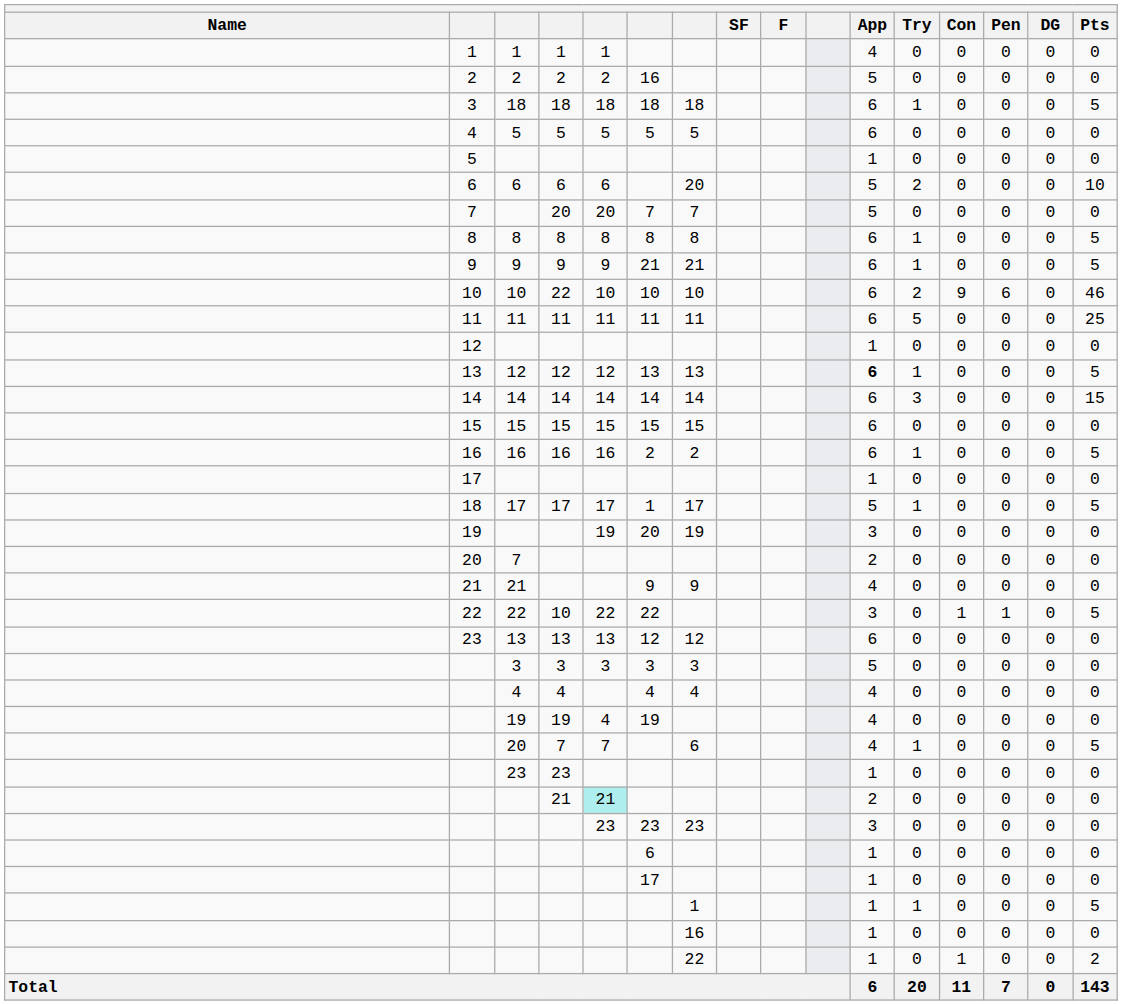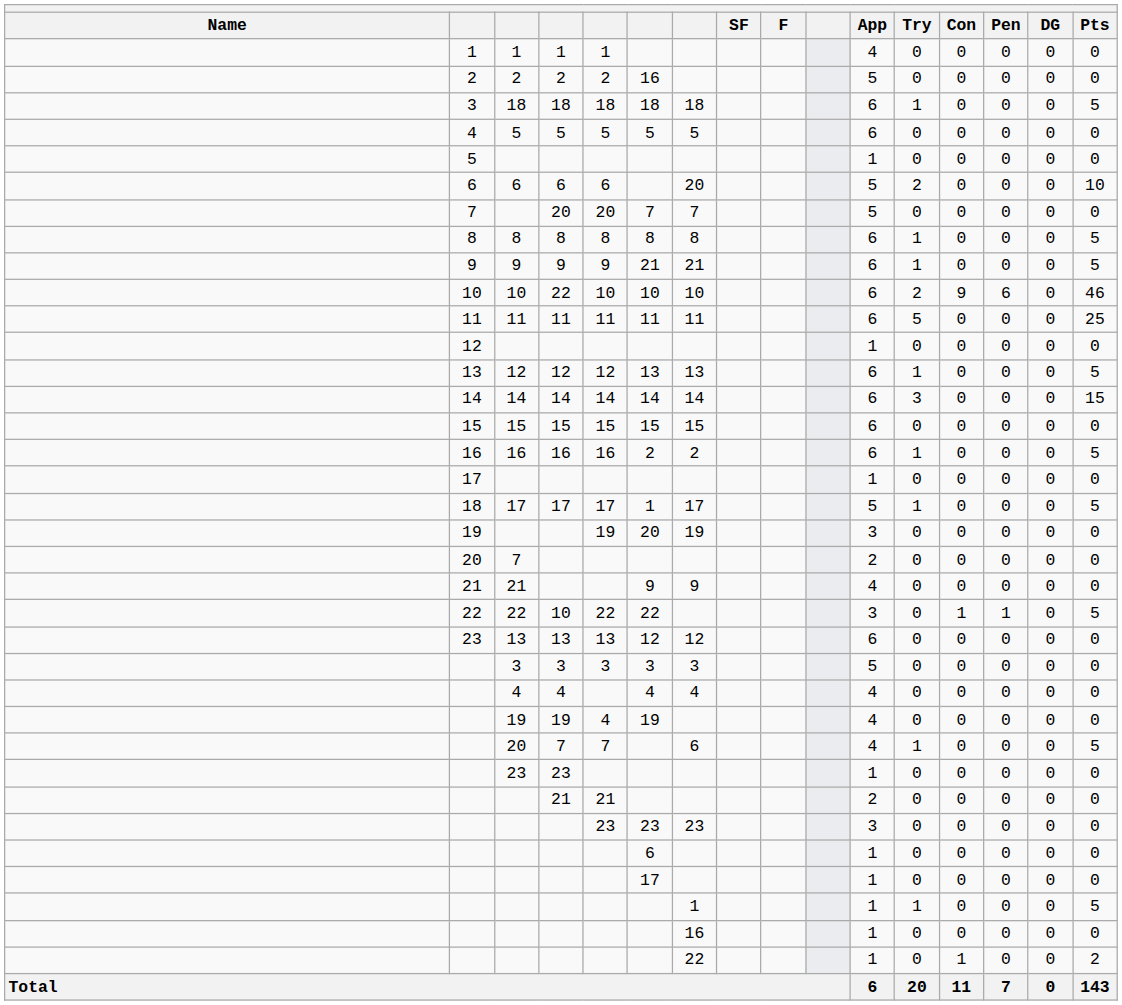 <table class="wikitable collapsible collapsed" style="text-align:center; font-size:100%; width:100%">
 <tr>
 <th colspan="100%"></th>
 </tr>
 <tr>
 <th style="width:40%;">Name</th>
 <th style="width:4%;"></th>
 <th style="width:4%;"></th>
 <th style="width:4%;"></th>
 <th style="width:4%;"></th>
 <th style="width:4%;"></th>
 <th style="width:4%;"></th>
 <th style="width:4%;">SF</th>
 <th style="width:4%;">F</th>
 <th style="width:4%;"></th>
 <th style="width:4%;">App</th>
 <th style="width:4%;">Try</th>
 <th style="width:4%;">Con</th>
 <th style="width:4%;">Pen</th>
 <th style="width:4%;">DG</th>
 <th style="width:4%;">Pts</th>
 </tr>
 <tr>
 <td style="text-align:left;"></td>
 <td>1</td>
 <td>1</td>
 <td>1</td>
 <td>1</td>
 <td></td>
 <td></td>
 <td></td>
 <td></td>
 <td style="background:#EBECF0;"></td>
 <td>4</td>
 <td>0</td>
 <td>0</td>
 <td>0</td>
 <td>0</td>
 <td>0</td>
 </tr>
 <tr>
 <td style="text-align:left;"></td>
 <td>2</td>
 <td>2</td>
 <td>2</td>
 <td>2</td>
 <td>16 </td>
 <td></td>
 <td></td>
 <td></td>
 <td style="background:#EBECF0;"></td>
 <td>5</td>
 <td>0</td>
 <td>0</td>
 <td>0</td>
 <td>0</td>
 <td>0</td>
 </tr>
 <tr>
 <td style="text-align:left;"></td>
 <td>3</td>
 <td>18 </td>
 <td>18 </td>
 <td>18 </td>
 <td>18 </td>
 <td>18 </td>
 <td></td>
 <td></td>
 <td style="background:#EBECF0;"></td>
 <td>6</td>
 <td>1</td>
 <td>0</td>
 <td>0</td>
 <td>0</td>
 <td>5</td>
 </tr>
 <tr>
 <td style="text-align:left;"></td>
 <td>4</td>
 <td>5</td>
 <td>5</td>
 <td>5</td>
 <td>5</td>
 <td>5</td>
 <td></td>
 <td></td>
 <td style="background:#EBECF0;"></td>
 <td>6</td>
 <td>0</td>
 <td>0</td>
 <td>0</td>
 <td>0</td>
 <td>0</td>
 </tr>
 <tr>
 <td style="text-align:left;"></td>
 <td>5</td>
 <td></td>
 <td></td>
 <td></td>
 <td></td>
 <td></td>
 <td></td>
 <td></td>
 <td style="background:#EBECF0;"></td>
 <td>1</td>
 <td>0</td>
 <td>0</td>
 <td>0</td>
 <td>0</td>
 <td>0</td>
 </tr>
 <tr>
 <td style="text-align:left;"></td>
 <td>6</td>
 <td>6</td>
 <td>6</td>
 <td>6</td>
 <td></td>
 <td>20 </td>
 <td></td>
 <td></td>
 <td style="background:#EBECF0;"></td>
 <td>5</td>
 <td>2</td>
 <td>0</td>
 <td>0</td>
 <td>0</td>
 <td>10</td>
 </tr>
 <tr>
 <td style="text-align:left;"></td>
 <td>7</td>
 <td></td>
 <td>20 </td>
 <td>20 </td>
 <td>7</td>
 <td>7</td>
 <td></td>
 <td></td>
 <td style="background:#EBECF0;"></td>
 <td>5</td>
 <td>0</td>
 <td>0</td>
 <td>0</td>
 <td>0</td>
 <td>0</td>
 </tr>
 <tr>
 <td style="text-align:left;"></td>
 <td>8</td>
 <td>8</td>
 <td>8</td>
 <td>8</td>
 <td>8</td>
 <td>8</td>
 <td></td>
 <td></td>
 <td style="background:#EBECF0;"></td>
 <td>6</td>
 <td>1</td>
 <td>0</td>
 <td>0</td>
 <td>0</td>
 <td>5</td>
 </tr>
 <tr>
 <td style="text-align:left;"></td>
 <td>9</td>
 <td>9</td>
 <td>9</td>
 <td>9</td>
 <td>21 </td>
 <td>21 </td>
 <td></td>
 <td></td>
 <td style="background:#EBECF0;"></td>
 <td>6</td>
 <td>1</td>
 <td>0</td>
 <td>0</td>
 <td>0</td>
 <td>5</td>
 </tr>
 <tr>
 <td style="text-align:left;"></td>
 <td>10</td>
 <td>10</td>
 <td>22 </td>
 <td>10</td>
 <td>10</td>
 <td>10</td>
 <td></td>
 <td></td>
 <td style="background:#EBECF0;"></td>
 <td>6</td>
 <td>2</td>
 <td>9</td>
 <td>6</td>
 <td>0</td>
 <td>46</td>
 </tr>
 <tr>
 <td style="text-align:left;"></td>
 <td>11</td>
 <td>11</td>
 <td>11</td>
 <td>11</td>
 <td>11</td>
 <td>11</td>
 <td></td>
 <td></td>
 <td style="background:#EBECF0;"></td>
 <td>6</td>
 <td>5</td>
 <td>0</td>
 <td>0</td>
 <td>0</td>
 <td>25</td>
 </tr>
 <tr>
 <td style="text-align:left;"></td>
 <td>12</td>
 <td></td>
 <td></td>
 <td></td>
 <td></td>
 <td></td>
 <td></td>
 <td></td>
 <td style="background:#EBECF0;"></td>
 <td>1</td>
 <td>0</td>
 <td>0</td>
 <td>0</td>
 <td>0</td>
 <td>0</td>
 </tr>
 <tr>
 <td style="text-align:left;"></td>
 <td>13</td>
 <td>12</td>
 <td>12</td>
 <td>12</td>
 <td>13</td>
 <td>13</td>
 <td></td>
 <td></td>
 <td style="background:#EBECF0;"></td>
-<td><strong>6</strong></td>
+<td>6</td>
 <td>1</td>
 <td>0</td>
 <td>0</td>
 <td>0</td>
 <td>5</td>
 </tr>
 <tr>
 <td style="text-align:left;"></td>
 <td>14</td>
 <td>14</td>
 <td>14</td>
 <td>14</td>
 <td>14</td>
 <td>14</td>
 <td></td>
 <td></td>
 <td style="background:#EBECF0;"></td>
 <td>6</td>
 <td>3</td>
 <td>0</td>
 <td>0</td>
 <td>0</td>
 <td>15</td>
 </tr>
 <tr>
 <td style="text-align:left;"></td>
 <td>15</td>
 <td>15</td>
 <td>15</td>
 <td>15</td>
 <td>15</td>
 <td>15</td>
 <td></td>
 <td></td>
 <td style="background:#EBECF0;"></td>
 <td>6</td>
 <td>0</td>
 <td>0</td>
 <td>0</td>
 <td>0</td>
 <td>0</td>
 </tr>
 <tr>
 <td style="text-align:left;"></td>
 <td>16 </td>
 <td>16 </td>
 <td>16 </td>
 <td>16 </td>
 <td>2</td>
 <td>2</td>
 <td></td>
 <td></td>
 <td style="background:#EBECF0;"></td>
 <td>6</td>
 <td>1</td>
 <td>0</td>
 <td>0</td>
 <td>0</td>
 <td>5</td>
 </tr>
 <tr>
 <td style="text-align:left;"></td>
 <td>17 </td>
 <td></td>
 <td></td>
 <td></td>
 <td></td>
 <td></td>
 <td></td>
 <td></td>
 <td style="background:#EBECF0;"></td>
 <td>1</td>
 <td>0</td>
 <td>0</td>
 <td>0</td>
 <td>0</td>
 <td>0</td>
 </tr>
 <tr>
 <td style="text-align:left;"></td>
 <td>18 </td>
 <td>17 </td>
 <td>17</td>
 <td>17 </td>
 <td>1</td>
 <td>17 </td>
 <td></td>
 <td></td>
 <td style="background:#EBECF0;"></td>
 <td>5</td>
 <td>1</td>
 <td>0</td>
 <td>0</td>
 <td>0</td>
 <td>5</td>
 </tr>
 <tr>
 <td style="text-align:left;"></td>
 <td>19 </td>
 <td></td>
 <td></td>
 <td>19 </td>
 <td>20</td>
 <td>19 </td>
 <td></td>
 <td></td>
 <td style="background:#EBECF0;"></td>
 <td>3</td>
 <td>0</td>
 <td>0</td>
 <td>0</td>
 <td>0</td>
 <td>0</td>
 </tr>
 <tr>
 <td style="text-align:left;"></td>
 <td>20 </td>
 <td>7</td>
 <td></td>
 <td></td>
 <td></td>
 <td></td>
 <td></td>
 <td></td>
 <td style="background:#EBECF0;"></td>
 <td>2</td>
 <td>0</td>
 <td>0</td>
 <td>0</td>
 <td>0</td>
 <td>0</td>
 </tr>
 <tr>
 <td style="text-align:left;"></td>
 <td>21 </td>
 <td>21 </td>
 <td></td>
 <td></td>
 <td>9</td>
 <td>9</td>
 <td></td>
 <td></td>
 <td style="background:#EBECF0;"></td>
 <td>4</td>
 <td>0</td>
 <td>0</td>
 <td>0</td>
 <td>0</td>
 <td>0</td>
 </tr>
 <tr>
 <td style="text-align:left;"></td>
 <td>22 </td>
 <td>22 </td>
 <td>10</td>
 <td>22</td>
 <td>22</td>
 <td></td>
 <td></td>
 <td></td>
 <td style="background:#EBECF0;"></td>
 <td>3</td>
 <td>0</td>
 <td>1</td>
 <td>1</td>
 <td>0</td>
 <td>5</td>
 </tr>
 <tr>
 <td style="text-align:left;"></td>
 <td>23 </td>
 <td>13</td>
 <td>13</td>
 <td>13</td>
 <td>12</td>
 <td>12</td>
 <td></td>
 <td></td>
 <td style="background:#EBECF0;"></td>
 <td>6</td>
 <td>0</td>
 <td>0</td>
 <td>0</td>
 <td>0</td>
 <td>0</td>
 </tr>
 <tr>
 <td style="text-align:left;"></td>
 <td></td>
 <td>3</td>
 <td>3</td>
 <td>3</td>
 <td>3</td>
 <td>3</td>
 <td></td>
 <td></td>
 <td style="background:#EBECF0;"></td>
 <td>5</td>
 <td>0</td>
 <td>0</td>
 <td>0</td>
 <td>0</td>
 <td>0</td>
 </tr>
 <tr>
 <td style="text-align:left;"></td>
 <td></td>
 <td>4</td>
 <td>4</td>
 <td></td>
 <td>4</td>
 <td>4</td>
 <td></td>
 <td></td>
 <td style="background:#EBECF0;"></td>
 <td>4</td>
 <td>0</td>
 <td>0</td>
 <td>0</td>
 <td>0</td>
 <td>0</td>
 </tr>
 <tr>
 <td style="text-align:left;"></td>
 <td></td>
 <td>19 </td>
 <td>19 </td>
 <td>4</td>
 <td>19 </td>
 <td></td>
 <td></td>
 <td></td>
 <td style="background:#EBECF0;"></td>
 <td>4</td>
 <td>0</td>
 <td>0</td>
 <td>0</td>
 <td>0</td>
 <td>0</td>
 </tr>
 <tr>
 <td style="text-align:left;"></td>
 <td></td>
 <td>20 </td>
 <td>7</td>
 <td>7</td>
 <td></td>
 <td>6</td>
 <td></td>
 <td></td>
 <td style="background:#EBECF0;"></td>
 <td>4</td>
 <td>1</td>
 <td>0</td>
 <td>0</td>
 <td>0</td>
 <td>5</td>
 </tr>
 <tr>
 <td style="text-align:left;"></td>
 <td></td>
 <td>23 </td>
 <td>23</td>
 <td></td>
 <td></td>
 <td></td>
 <td></td>
 <td></td>
 <td style="background:#EBECF0;"></td>
 <td>1</td>
 <td>0</td>
 <td>0</td>
 <td>0</td>
 <td>0</td>
 <td>0</td>
 </tr>
 <tr>
 <td style="text-align:left;"></td>
 <td></td>
 <td></td>
 <td>21 </td>
-<td style="background: paleturquoise;">21 </td>
+<td>21 </td>
 <td></td>
 <td></td>
 <td></td>
 <td></td>
 <td style="background:#EBECF0;"></td>
 <td>2</td>
 <td>0</td>
 <td>0</td>
 <td>0</td>
 <td>0</td>
 <td>0</td>
 </tr>
 <tr>
 <td style="text-align:left;"></td>
 <td></td>
 <td></td>
 <td></td>
 <td>23 </td>
 <td>23 </td>
 <td>23 </td>
 <td></td>
 <td></td>
 <td style="background:#EBECF0;"></td>
 <td>3</td>
 <td>0</td>
 <td>0</td>
 <td>0</td>
 <td>0</td>
 <td>0</td>
 </tr>
 <tr>
 <td style="text-align:left;"></td>
 <td></td>
 <td></td>
 <td></td>
 <td></td>
 <td>6</td>
 <td></td>
 <td></td>
 <td></td>
 <td style="background:#EBECF0;"></td>
 <td>1</td>
 <td>0</td>
 <td>0</td>
 <td>0</td>
 <td>0</td>
 <td>0</td>
 </tr>
 <tr>
 <td style="text-align:left;"></td>
 <td></td>
 <td></td>
 <td></td>
 <td></td>
 <td>17 </td>
 <td></td>
 <td></td>
 <td></td>
 <td style="background:#EBECF0;"></td>
 <td>1</td>
 <td>0</td>
 <td>0</td>
 <td>0</td>
 <td>0</td>
 <td>0</td>
 </tr>
 <tr>
 <td style="text-align:left;"></td>
 <td></td>
 <td></td>
 <td></td>
 <td></td>
 <td></td>
 <td>1</td>
 <td></td>
 <td></td>
 <td style="background:#EBECF0;"></td>
 <td>1</td>
 <td>1</td>
 <td>0</td>
 <td>0</td>
 <td>0</td>
 <td>5</td>
 </tr>
 <tr>
 <td style="text-align:left;"></td>
 <td></td>
 <td></td>
 <td></td>
 <td></td>
 <td></td>
 <td>16 </td>
 <td></td>
 <td></td>
 <td style="background:#EBECF0;"></td>
 <td>1</td>
 <td>0</td>
 <td>0</td>
 <td>0</td>
 <td>0</td>
 <td>0</td>
 </tr>
 <tr>
 <td style="text-align:left;"></td>
 <td></td>
 <td></td>
 <td></td>
 <td></td>
 <td></td>
 <td>22 </td>
 <td></td>
 <td></td>
 <td style="background:#EBECF0;"></td>
 <td>1</td>
 <td>0</td>
 <td>1</td>
 <td>0</td>
 <td>0</td>
 <td>2</td>
 </tr>
 <tr>
 <th colspan="10" style="text-align:left;">Total</th>
 <th>6</th>
 <th>20</th>
 <th>11</th>
 <th>7</th>
 <th>0</th>
 <th>143</th>
 </tr>
 </table>
